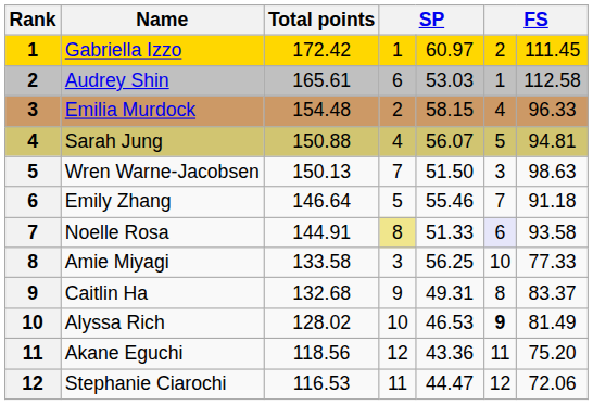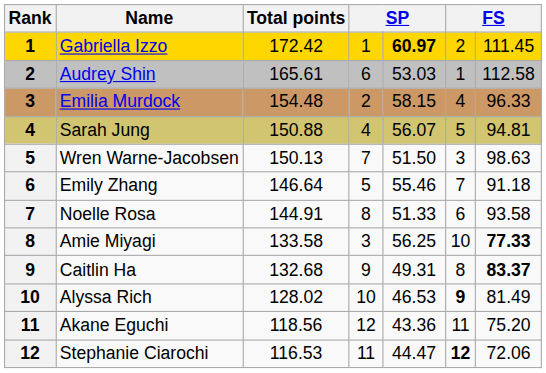 <table class="wikitable sortable">
 <tr>
 <th>Rank</th>
 <th>Name</th>
 <th>Total points</th>
 <th colspan="2" width="80px"><a href='#'>SP</a></th>
 <th colspan="2" width="80px"><a href='#'>FS</a></th>
 </tr>
 <tr bgcolor="gold">
 <td align="center"><strong>1</strong></td>
 <td><a href='#'>Gabriella Izzo</a></td>
 <td align="center">172.42</td>
 <td align="center">1</td>
-<td align="center">60.97</td>
+<td align="center"><strong>60.97</strong></td>
 <td align="center">2</td>
 <td align="center">111.45</td>
 </tr>
 <tr bgcolor="silver">
 <td align="center"><strong>2</strong></td>
 <td><a href='#'>Audrey Shin</a></td>
 <td align="center">165.61</td>
 <td align="center">6</td>
 <td align="center">53.03</td>
 <td align="center">1</td>
 <td align="center">112.58</td>
 </tr>
 <tr bgcolor="cc9966">
 <td align="center"><strong>3</strong></td>
 <td><a href='#'>Emilia Murdock</a></td>
 <td align="center">154.48</td>
 <td align="center">2</td>
 <td align="center">58.15</td>
 <td align="center">4</td>
 <td align="center">96.33</td>
 </tr>
 <tr bgcolor="#d1c571">
 <td align="center"><strong>4</strong></td>
 <td>Sarah Jung</td>
 <td align="center">150.88</td>
 <td align="center">4</td>
 <td align="center">56.07</td>
 <td align="center">5</td>
 <td align="center">94.81</td>
 </tr>
 <tr>
 <th>5</th>
 <td>Wren Warne-Jacobsen</td>
 <td align="center">150.13</td>
 <td align="center">7</td>
 <td align="center">51.50</td>
 <td align="center">3</td>
 <td align="center">98.63</td>
 </tr>
 <tr>
 <th>6</th>
 <td>Emily Zhang</td>
 <td align="center">146.64</td>
 <td align="center">5</td>
 <td align="center">55.46</td>
 <td align="center">7</td>
 <td align="center">91.18</td>
 </tr>
 <tr>
 <th>7</th>
 <td>Noelle Rosa</td>
 <td align="center">144.91</td>
-<td align="center" style="background: khaki;">8</td>
+<td align="center">8</td>
 <td align="center">51.33</td>
-<td align="center" style="background: lavender;">6</td>
+<td align="center">6</td>
 <td align="center">93.58</td>
 </tr>
 <tr>
 <th>8</th>
 <td>Amie Miyagi</td>
 <td align="center">133.58</td>
 <td align="center">3</td>
 <td align="center">56.25</td>
 <td align="center">10</td>
-<td align="center">77.33</td>
+<td align="center"><strong>77.33</strong></td>
 </tr>
 <tr>
 <th>9</th>
 <td>Caitlin Ha</td>
 <td align="center">132.68</td>
 <td align="center">9</td>
 <td align="center">49.31</td>
 <td align="center">8</td>
-<td align="center">83.37</td>
+<td align="center"><strong>83.37</strong></td>
 </tr>
 <tr>
 <th>10</th>
 <td>Alyssa Rich</td>
 <td align="center">128.02</td>
 <td align="center">10</td>
 <td align="center">46.53</td>
 <td align="center"><strong>9</strong></td>
 <td align="center">81.49</td>
 </tr>
 <tr>
 <th>11</th>
 <td>Akane Eguchi</td>
 <td align="center">118.56</td>
 <td align="center">12</td>
 <td align="center">43.36</td>
 <td align="center">11</td>
 <td align="center">75.20</td>
 </tr>
 <tr>
 <th>12</th>
 <td>Stephanie Ciarochi</td>
 <td align="center">116.53</td>
 <td align="center">11</td>
 <td align="center">44.47</td>
-<td align="center">12</td>
+<td align="center"><strong>12</strong></td>
 <td align="center">72.06</td>
 </tr>
 </table>
